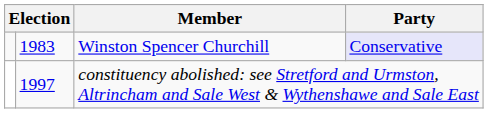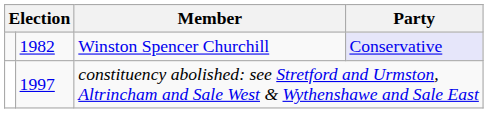 <table class="wikitable">
 <tr>
 <th colspan="2">Election</th>
 <th>Member</th>
 <th>Party</th>
 </tr>
 <tr>
 <td style="color:inherit;background-color: "></td>
-<td><a href='#'>1983</a></td>
+<td><a href='#'>1982</a></td>
 <td><a href='#'>Winston Spencer Churchill</a></td>
 <td style="background: lavender;"><a href='#'>Conservative</a></td>
 </tr>
 <tr>
 <td style="color:inherit;background-color: white"></td>
 <td><a href='#'>1997</a></td>
 <td colspan="2"><em>constituency abolished: see <a href='#'>Stretford and Urmston</a>, <br><a href='#'>Altrincham and Sale West</a> & <a href='#'>Wythenshawe and Sale East</a></em></td>
 </tr>
 </table>
